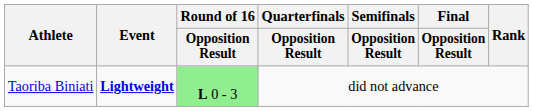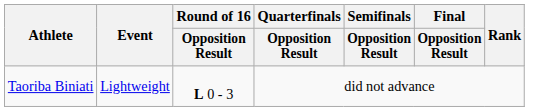 <table class="wikitable" style="font-size:90%;">
 <tr>
 <th rowspan=2>Athlete</th>
 <th rowspan=2>Event</th>
 <th>Round of 16</th>
 <th>Quarterfinals</th>
 <th>Semifinals</th>
 <th>Final</th>
 <th rowspan=2>Rank</th>
 </tr>
 <tr style="font-size:95%">
 <th>Opposition<br>Result</th>
 <th>Opposition<br>Result</th>
 <th>Opposition<br>Result</th>
 <th>Opposition<br>Result</th>
 </tr>
 <tr align=center>
 <td align=left><a href='#'>Taoriba Biniati</a></td>
-<td align=left><strong><a href='#'>Lightweight</a></strong></td>
-<td style="background: lightgreen;"><br><strong>L</strong> 0 - 3</td>
+<td align=left><a href='#'>Lightweight</a></td>
+<td><br><strong>L</strong> 0 - 3</td>
 <td colspan=4>did not advance</td>
 </tr>
 </table>
